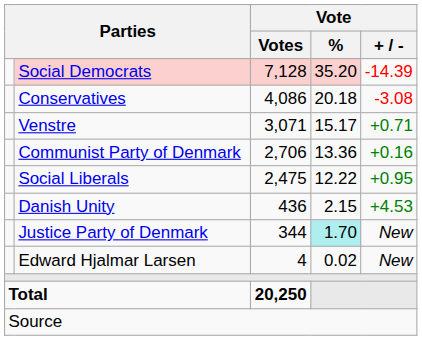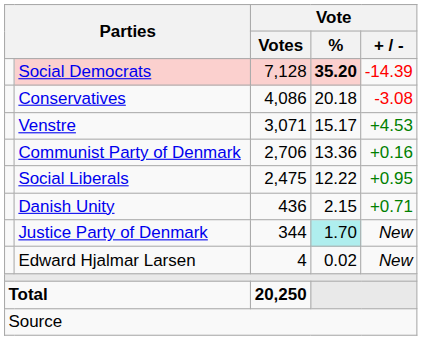 <table class="wikitable" style="text-align:right;">
 <tr>
 <th style="text-align:centre;" rowspan="2" colspan="2" width="225">Parties</th>
 <th colspan="3">Vote</th>
 </tr>
 <tr>
 <th width="15">Votes</th>
 <th width="15">%</th>
 <th width="15">+ / -</th>
 </tr>
 <tr>
 <td width="2" style="color:inherit;background:"></td>
 <td bgcolor=#fbd0ce  align="left"><a href='#'>Social Democrats</a></td>
 <td bgcolor=#fbd0ce>7,128</td>
-<td bgcolor=#fbd0ce>35.20</td>
+<td bgcolor=#fbd0ce><strong>35.20</strong></td>
 <td style=color:red;>-14.39</td>
 </tr>
 <tr>
 <td width="2" style="color:inherit;background:"></td>
 <td align="left"><a href='#'>Conservatives</a></td>
 <td>4,086</td>
 <td>20.18</td>
 <td style=color:red;>-3.08</td>
 </tr>
 <tr>
 <td width="2" style="color:inherit;background:"></td>
 <td align="left"><a href='#'>Venstre</a></td>
 <td>3,071</td>
 <td>15.17</td>
-<td style=color:green;>+0.71</td>
+<td style=color:green;>+4.53</td>
 </tr>
 <tr>
 <td width="2" style="color:inherit;background:"></td>
 <td align="left"><a href='#'>Communist Party of Denmark</a></td>
 <td>2,706</td>
 <td>13.36</td>
 <td style=color:green;>+0.16</td>
 </tr>
 <tr>
 <td width="2" style="color:inherit;background:"></td>
 <td align="left"><a href='#'>Social Liberals</a></td>
 <td>2,475</td>
 <td>12.22</td>
 <td style=color:green;>+0.95</td>
 </tr>
 <tr>
 <td width="2" style="color:inherit;background:"></td>
 <td align="left"><a href='#'>Danish Unity</a></td>
 <td>436</td>
 <td>2.15</td>
-<td style=color:green;>+4.53</td>
+<td style=color:green;>+0.71</td>
 </tr>
 <tr>
 <td width="2" style="color:inherit;background:"></td>
 <td align="left"><a href='#'>Justice Party of Denmark</a></td>
 <td>344</td>
 <td style="background: paleturquoise;">1.70</td>
 <td><em>New</em></td>
 </tr>
 <tr>
 <td width="2" style="color:inherit;background:"></td>
 <td align="left">Edward Hjalmar Larsen</td>
 <td>4</td>
 <td>0.02</td>
 <td><em>New</em></td>
 </tr>
 <tr>
 <td colspan="7" bgcolor="#E9E9E9"></td>
 </tr>
 <tr>
 <td align="left" colspan="2"><strong>Total</strong></td>
 <td><strong>20,250</strong></td>
 <td bgcolor="#E9E9E9" colspan="2"></td>
 </tr>
 <tr>
 <td align="left" colspan="6">Source</td>
 </tr>
 </table>
